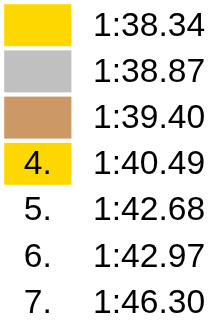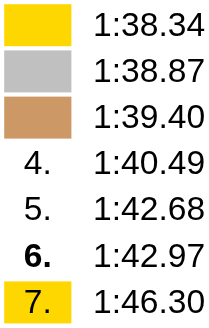 <table style="text-align:center">
 <tr>
 <td width=30 bgcolor=gold></td>
 <td align=left></td>
 <td width=60>1:38.34</td>
 </tr>
 <tr>
 <td bgcolor=silver></td>
 <td align=left></td>
 <td>1:38.87</td>
 </tr>
 <tr>
 <td bgcolor=cc9966></td>
 <td align=left></td>
 <td>1:39.40</td>
 </tr>
 <tr>
-<td style="background: gold;">4.</td>
+<td>4.</td>
 <td align=left></td>
 <td>1:40.49</td>
 </tr>
 <tr>
 <td>5.</td>
 <td align=left></td>
 <td>1:42.68</td>
 </tr>
 <tr>
-<td>6.</td>
+<td><strong>6.</strong></td>
 <td align=left></td>
 <td>1:42.97</td>
 </tr>
 <tr>
-<td>7.</td>
+<td style="background: gold;">7.</td>
 <td align=left></td>
 <td>1:46.30</td>
 </tr>
 </table>
